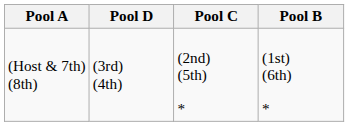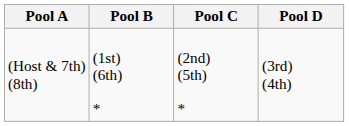 <table class="wikitable">
 <tr>
 <th width=25%>Pool A</th>
+<th width=25%>Pool B</th>
+<th width=25%>Pool C</th>
 <th width=25%>Pool D</th>
-<th width=25%>Pool C</th>
-<th width=25%>Pool B</th>
 </tr>
 <tr>
 <td><br> (Host & 7th)<br>  (8th)<br> <br> </td>
+<td><br> (1st)<br>  (6th)<br> <br> <s></s> *</td>
+<td><br> (2nd)<br>  (5th)<br> <br> <s></s> *</td>
 <td><br> (3rd)<br>  (4th)<br> <br> </td>
-<td><br> (2nd)<br>  (5th)<br> <br> <s></s> *</td>
-<td><br> (1st)<br>  (6th)<br> <br> <s></s> *</td>
 </tr>
 </table>
